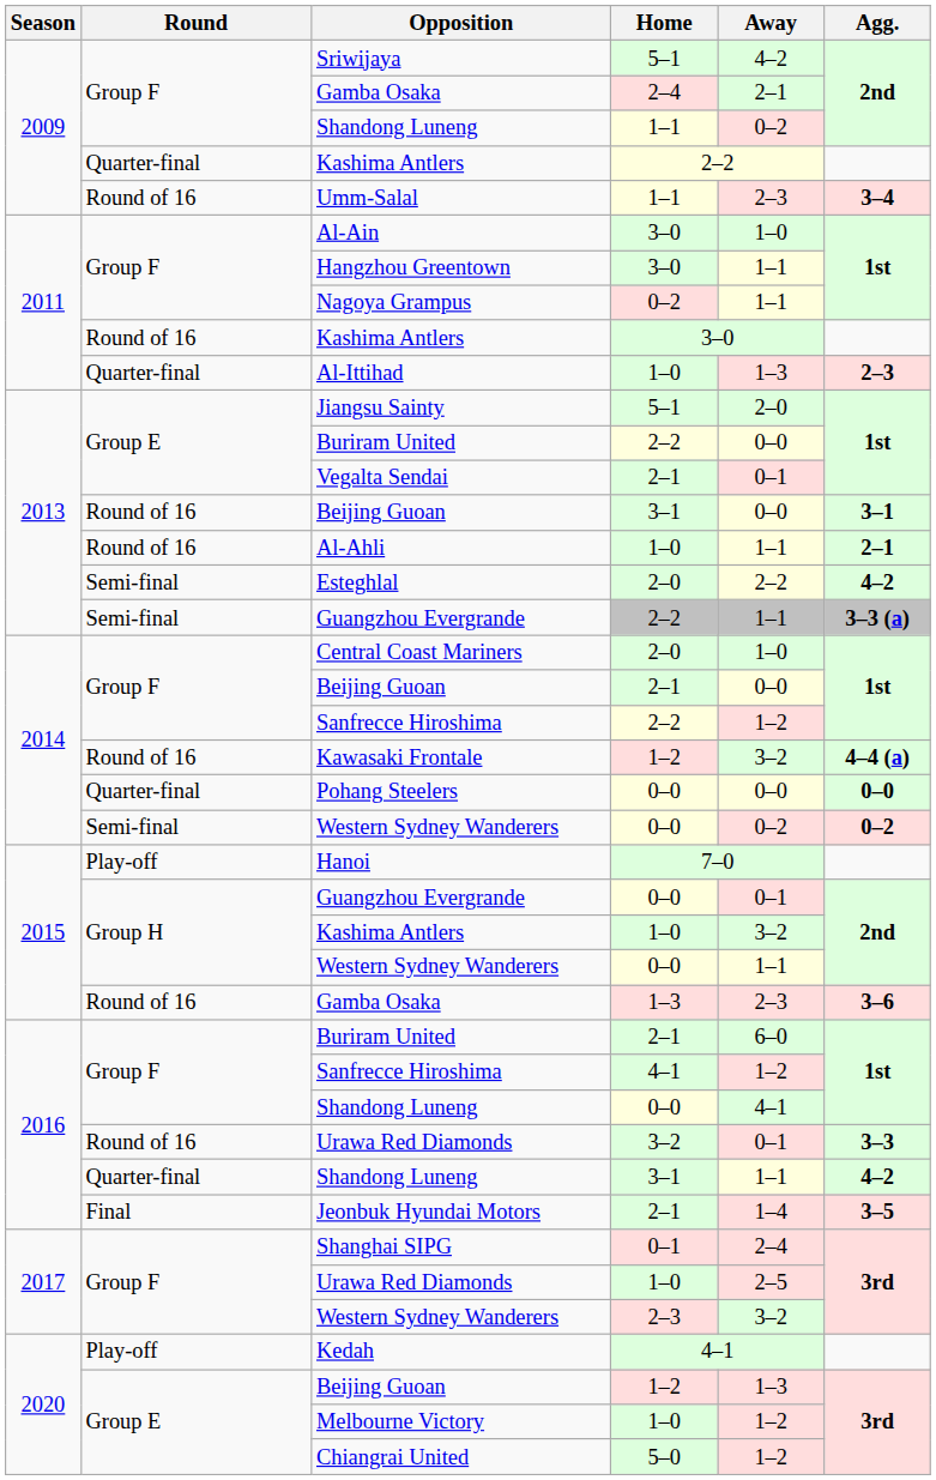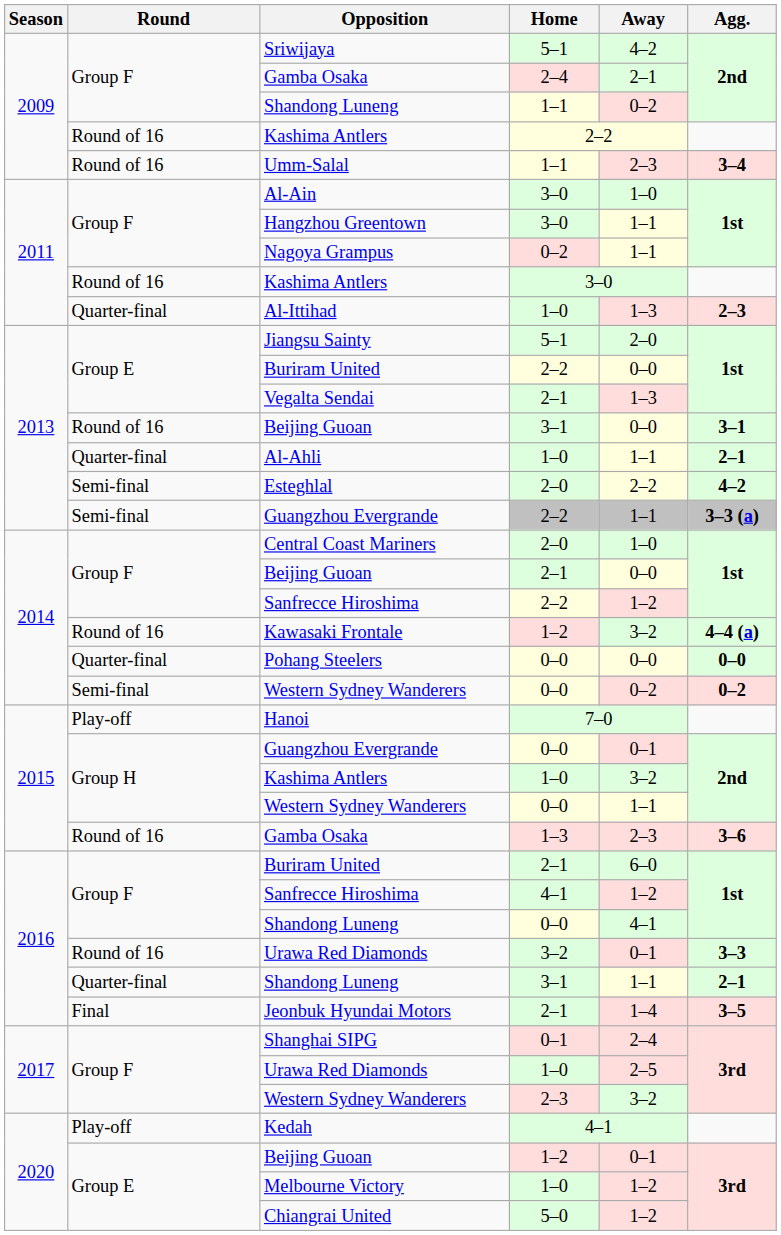 <table class="wikitable" style="text-align:left">
 <tr>
 <th>Season</th>
 <th width="160">Round</th>
 <th width="210">Opposition</th>
 <th width="70">Home</th>
 <th width="70">Away</th>
 <th width="70">Agg.</th>
 </tr>
 <tr>
 <td rowspan="5" style="text-align:center;"><a href='#'>2009</a></td>
 <td rowspan="3">Group F</td>
 <td> <a href='#'>Sriwijaya</a></td>
 <td style="text-align:center; background:#DDFFDD;">5–1</td>
 <td style="text-align:center; background:#DDFFDD;">4–2</td>
 <td rowspan="3" style="text-align:center; background:#DDFFDD;"><strong>2nd</strong></td>
 </tr>
 <tr>
 <td> <a href='#'>Gamba Osaka</a></td>
 <td style="text-align:center; background:#FFDDDD;">2–4</td>
 <td style="text-align:center; background:#DDFFDD;">2–1</td>
 </tr>
 <tr>
 <td> <a href='#'>Shandong Luneng</a></td>
 <td style="text-align:center; background:#FFFFDD;">1–1</td>
 <td style="text-align:center; background:#FFDDDD;">0–2</td>
 </tr>
 <tr>
-<td>Quarter-final</td>
+<td>Round of 16</td>
 <td> <a href='#'>Kashima Antlers</a></td>
 <td colspan="2" style="text-align:center; background:#FFFFDD;">2–2 <br></td>
 <td></td>
 </tr>
 <tr>
 <td>Round of 16</td>
 <td> <a href='#'>Umm-Salal</a></td>
 <td style="text-align:center; background:#FFFFDD;">1–1</td>
 <td style="text-align:center; background:#FFDDDD;">2–3</td>
 <td style="text-align:center; background:#FFDDDD;"><strong>3–4</strong></td>
 </tr>
 <tr>
 <td rowspan="5" style="text-align:center;"><a href='#'>2011</a></td>
 <td rowspan="3">Group F</td>
 <td> <a href='#'>Al-Ain</a></td>
 <td style="text-align:center; background:#DDFFDD;">3–0</td>
 <td style="text-align:center; background:#DDFFDD;">1–0</td>
 <td rowspan="3" style="text-align:center; background:#DDFFDD;"><strong>1st</strong></td>
 </tr>
 <tr>
 <td> <a href='#'>Hangzhou Greentown</a></td>
 <td style="text-align:center; background:#DDFFDD;">3–0</td>
 <td style="text-align:center; background:#FFFFDD;">1–1</td>
 </tr>
 <tr>
 <td> <a href='#'>Nagoya Grampus</a></td>
 <td style="text-align:center; background:#FFDDDD;">0–2</td>
 <td style="text-align:center; background:#FFFFDD;">1–1</td>
 </tr>
 <tr>
 <td>Round of 16</td>
 <td> <a href='#'>Kashima Antlers</a></td>
 <td colspan="2" style="text-align:center; background:#DDFFDD;">3–0</td>
 <td></td>
 </tr>
 <tr>
 <td>Quarter-final</td>
 <td> <a href='#'>Al-Ittihad</a></td>
 <td style="text-align:center; background:#DDFFDD;">1–0</td>
 <td style="text-align:center; background:#FFDDDD;">1–3</td>
 <td style="text-align:center; background:#FFDDDD;"><strong>2–3</strong></td>
 </tr>
 <tr>
 <td rowspan="7" style="text-align:center;"><a href='#'>2013</a></td>
 <td rowspan="3">Group E</td>
 <td> <a href='#'>Jiangsu Sainty</a></td>
 <td style="text-align:center; background:#DDFFDD;">5–1</td>
 <td style="text-align:center; background:#DDFFDD;">2–0</td>
 <td rowspan="3" style="text-align:center; background:#DDFFDD;"><strong>1st</strong></td>
 </tr>
 <tr>
 <td> <a href='#'>Buriram United</a></td>
 <td style="text-align:center; background:#FFFFDD;">2–2</td>
 <td style="text-align:center; background:#FFFFDD;">0–0</td>
 </tr>
 <tr>
 <td> <a href='#'>Vegalta Sendai</a></td>
 <td style="text-align:center; background:#DDFFDD;">2–1</td>
-<td style="text-align:center; background:#FFDDDD;">0–1</td>
+<td style="text-align:center; background:#FFDDDD;">1–3</td>
 </tr>
 <tr>
 <td>Round of 16</td>
 <td> <a href='#'>Beijing Guoan</a></td>
 <td style="text-align:center; background:#DDFFDD;">3–1</td>
 <td style="text-align:center; background:#FFFFDD;">0–0</td>
 <td style="text-align:center; background:#DDFFDD;"><strong>3–1</strong></td>
 </tr>
 <tr>
-<td>Round of 16</td>
+<td>Quarter-final</td>
 <td> <a href='#'>Al-Ahli</a></td>
 <td style="text-align:center; background:#DDFFDD;">1–0</td>
 <td style="text-align:center; background:#FFFFDD;">1–1</td>
 <td style="text-align:center; background:#DDFFDD;"><strong>2–1</strong></td>
 </tr>
 <tr>
 <td>Semi-final</td>
 <td> <a href='#'>Esteghlal</a></td>
 <td style="text-align:center; background:#DDFFDD;">2–0</td>
 <td style="text-align:center; background:#FFFFDD;">2–2</td>
 <td style="text-align:center; background:#DDFFDD;"><strong>4–2</strong></td>
 </tr>
 <tr>
 <td>Semi-final</td>
 <td> <a href='#'>Guangzhou Evergrande</a></td>
 <td style="text-align:center; background:#C0C0C0;">2–2</td>
 <td style="text-align:center; background:#C0C0C0;">1–1</td>
 <td style="text-align:center; background:#C0C0C0;"><strong>3–3 (<a href='#'>a</a>)</strong></td>
 </tr>
 <tr>
 <td rowspan="6" style="text-align:center;"><a href='#'>2014</a></td>
 <td rowspan="3">Group F</td>
 <td> <a href='#'>Central Coast Mariners</a></td>
 <td style="text-align:center; background:#DDFFDD;">2–0</td>
 <td style="text-align:center; background:#DDFFDD;">1–0</td>
 <td rowspan="3" style="text-align:center; background:#DDFFDD;"><strong>1st</strong></td>
 </tr>
 <tr>
 <td> <a href='#'>Beijing Guoan</a></td>
 <td style="text-align:center; background:#DDFFDD;">2–1</td>
 <td style="text-align:center; background:#FFFFDD;">0–0</td>
 </tr>
 <tr>
 <td> <a href='#'>Sanfrecce Hiroshima</a></td>
 <td style="text-align:center; background:#FFFFDD;">2–2</td>
 <td style="text-align:center; background:#FFDDDD;">1–2</td>
 </tr>
 <tr>
 <td>Round of 16</td>
 <td> <a href='#'>Kawasaki Frontale</a></td>
 <td style="text-align:center; background:#FFDDDD;">1–2</td>
 <td style="text-align:center; background:#DDFFDD;">3–2</td>
 <td style="text-align:center; background:#DDFFDD;"><strong>4–4 (<a href='#'>a</a>)</strong></td>
 </tr>
 <tr>
 <td>Quarter-final</td>
 <td> <a href='#'>Pohang Steelers</a></td>
 <td style="text-align:center; background:#FFFFDD;">0–0 </td>
 <td style="text-align:center; background:#FFFFDD;">0–0</td>
 <td style="text-align:center; background:#DDFFDD;"><strong>0–0<br></strong></td>
 </tr>
 <tr>
 <td>Semi-final</td>
 <td> <a href='#'>Western Sydney Wanderers</a></td>
 <td style="text-align:center; background:#FFFFDD;">0–0</td>
 <td style="text-align:center; background:#FFDDDD;">0–2</td>
 <td style="text-align:center; background:#FFDDDD;"><strong>0–2</strong></td>
 </tr>
 <tr>
 <td rowspan="5" style="text-align:center;"><a href='#'>2015</a></td>
 <td>Play-off</td>
 <td> <a href='#'>Hanoi</a></td>
 <td colspan="2" style="text-align:center; background:#DDFFDD;">7–0</td>
 <td></td>
 </tr>
 <tr>
 <td rowspan="3">Group H</td>
 <td> <a href='#'>Guangzhou Evergrande</a></td>
 <td style="text-align:center; background:#FFFFDD;">0–0</td>
 <td style="text-align:center; background:#FFDDDD;">0–1</td>
 <td rowspan="3" style="text-align:center; background:#DDFFDD;"><strong>2nd</strong></td>
 </tr>
 <tr>
 <td> <a href='#'>Kashima Antlers</a></td>
 <td style="text-align:center; background:#DDFFDD;">1–0</td>
 <td style="text-align:center; background:#DDFFDD;">3–2</td>
 </tr>
 <tr>
 <td> <a href='#'>Western Sydney Wanderers</a></td>
 <td style="text-align:center; background:#FFFFDD;">0–0</td>
 <td style="text-align:center; background:#FFFFDD;">1–1</td>
 </tr>
 <tr>
 <td>Round of 16</td>
 <td> <a href='#'>Gamba Osaka</a></td>
 <td style="text-align:center; background:#FFDDDD;">1–3</td>
 <td style="text-align:center; background:#FFDDDD;">2–3</td>
 <td style="text-align:center; background:#FFDDDD;"><strong>3–6</strong></td>
 </tr>
 <tr>
 <td rowspan="6" style="text-align:center;"><a href='#'>2016</a></td>
 <td rowspan="3">Group F</td>
 <td> <a href='#'>Buriram United</a></td>
 <td style="text-align:center; background:#DDFFDD;">2–1</td>
 <td style="text-align:center; background:#DDFFDD;">6–0</td>
 <td rowspan="3" style="text-align:center; background:#DDFFDD;"><strong>1st</strong></td>
 </tr>
 <tr>
 <td> <a href='#'>Sanfrecce Hiroshima</a></td>
 <td style="text-align:center; background:#DDFFDD;">4–1</td>
 <td style="text-align:center; background:#FFDDDD;">1–2</td>
 </tr>
 <tr>
 <td> <a href='#'>Shandong Luneng</a></td>
 <td style="text-align:center; background:#FFFFDD;">0–0</td>
 <td style="text-align:center; background:#DDFFDD;">4–1</td>
 </tr>
 <tr>
 <td>Round of 16</td>
 <td> <a href='#'>Urawa Red Diamonds</a></td>
 <td style="text-align:center; background:#DDFFDD;">3–2 </td>
 <td style="text-align:center; background:#FFDDDD;">0–1</td>
 <td style="text-align:center; background:#DDFFDD;"><strong>3–3<br></strong></td>
 </tr>
 <tr>
 <td>Quarter-final</td>
 <td> <a href='#'>Shandong Luneng</a></td>
 <td style="text-align:center; background:#DDFFDD;">3–1</td>
 <td style="text-align:center; background:#FFFFDD;">1–1</td>
-<td style="text-align:center; background:#DDFFDD;"><strong>4–2</strong></td>
+<td style="text-align:center; background:#DDFFDD;"><strong>2–1</strong></td>
 </tr>
 <tr>
 <td>Final</td>
 <td> <a href='#'>Jeonbuk Hyundai Motors</a></td>
 <td style="text-align:center; background:#DDFFDD;">2–1</td>
 <td style="text-align:center; background:#FFDDDD;">1–4</td>
 <td style="text-align:center; background:#FFDDDD;"><strong>3–5</strong></td>
 </tr>
 <tr>
 <td rowspan="3" style="text-align:center;"><a href='#'>2017</a></td>
 <td rowspan="3">Group F</td>
 <td> <a href='#'>Shanghai SIPG</a></td>
 <td style="text-align:center; background:#FFDDDD;">0–1</td>
 <td style="text-align:center; background:#FFDDDD;">2–4</td>
 <td rowspan="3" style="text-align:center; background:#FFDDDD;"><strong>3rd</strong></td>
 </tr>
 <tr>
 <td> <a href='#'>Urawa Red Diamonds</a></td>
 <td style="text-align:center; background:#DDFFDD;">1–0</td>
 <td style="text-align:center; background:#FFDDDD;">2–5</td>
 </tr>
 <tr>
 <td> <a href='#'>Western Sydney Wanderers</a></td>
 <td style="text-align:center; background:#FFDDDD;">2–3</td>
 <td style="text-align:center; background:#DDFFDD;">3–2</td>
 </tr>
 <tr>
 <td rowspan="4" style="text-align:center;"><a href='#'>2020</a></td>
 <td>Play-off</td>
 <td> <a href='#'>Kedah</a></td>
 <td colspan="2" style="text-align:center; background:#DDFFDD;">4–1</td>
 <td></td>
 </tr>
 <tr>
 <td rowspan="3">Group E</td>
 <td> <a href='#'>Beijing Guoan</a></td>
 <td style="text-align:center; background:#FFDDDD;">1–2</td>
-<td style="text-align:center; background:#FFDDDD;">1–3</td>
+<td style="text-align:center; background:#FFDDDD;">0–1</td>
 <td rowspan="3" style="text-align:center; background:#FFDDDD;"><strong>3rd</strong></td>
 </tr>
 <tr>
 <td> <a href='#'>Melbourne Victory</a></td>
 <td style="text-align:center; background:#DDFFDD;">1–0</td>
 <td style="text-align:center; background:#FFDDDD;">1–2</td>
 </tr>
 <tr>
 <td> <a href='#'>Chiangrai United</a></td>
 <td style="text-align:center; background:#DDFFDD;">5–0</td>
 <td style="text-align:center; background:#FFDDDD;">1–2</td>
 </tr>
 </table>
